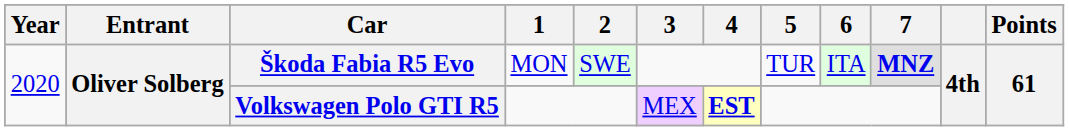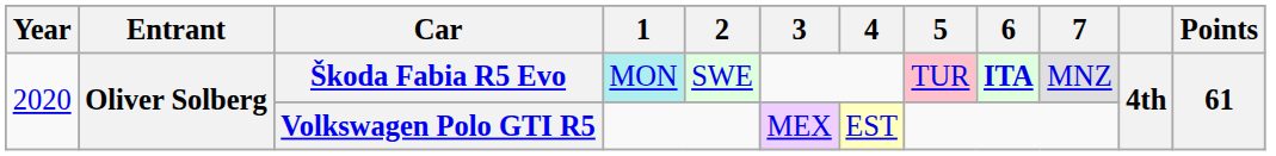 <table class="wikitable" style="text-align:center; font-size:85%">
 <tr>
 <th>Year</th>
 <th>Entrant</th>
 <th>Car</th>
 <th>1</th>
 <th>2</th>
 <th>3</th>
 <th>4</th>
 <th>5</th>
 <th>6</th>
 <th>7</th>
 <th></th>
 <th>Points</th>
 </tr>
 <tr>
 <td rowspan="2"><a href='#'>2020</a></td>
 <th rowspan="2" nowrap>Oliver Solberg</th>
 <th nowrap><a href='#'>Škoda Fabia R5 Evo</a></th>
-<td><a href='#'>MON</a></td>
+<td style="background: paleturquoise;"><a href='#'>MON</a></td>
 <td style="background:#DFFFDF;"><a href='#'>SWE</a><br></td>
 <td colspan=2></td>
-<td><a href='#'>TUR</a></td>
-<td style="background:#DFFFDF;"><a href='#'>ITA</a><br></td>
-<td style="background:#DFDFDF;"><strong><a href='#'>MNZ</a><br></strong></td>
+<td style="background: pink;"><a href='#'>TUR</a></td>
+<td style="background:#DFFFDF;"><strong><a href='#'>ITA</a><br></strong></td>
+<td style="background:#DFDFDF;"><a href='#'>MNZ</a><br></td>
 <th rowspan="2">4th</th>
 <th rowspan="2">61</th>
 </tr>
 <tr>
 <th nowrap><a href='#'>Volkswagen Polo GTI R5</a></th>
 <td colspan=2></td>
 <td style="background:#efcfff"><a href='#'>MEX</a><br></td>
-<td style="background:#ffffbf"><strong><a href='#'>EST</a><br></strong></td>
+<td style="background:#ffffbf"><a href='#'>EST</a><br></td>
 <td colspan=3></td>
 </tr>
 </table>
